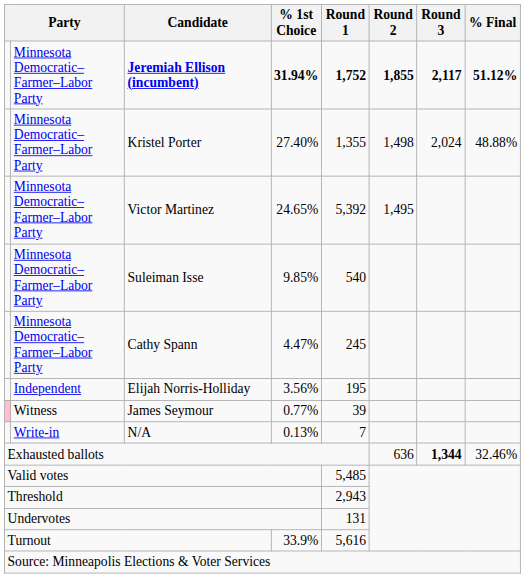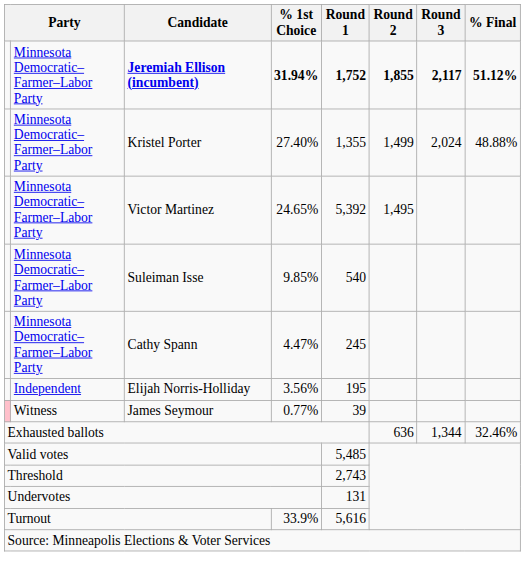 <table class="wikitable">
 <tr>
 <th colspan="2" style="width:290px">Party</th>
 <th style="width:165px">Candidate</th>
 <th>% 1st<br>Choice</th>
 <th>Round 1</th>
 <th>Round 2</th>
 <th>Round 3</th>
 <th style="width:58px;">% Final</th>
 </tr>
 <tr>
 <td style="background-color:"></td>
 <td><a href='#'>Minnesota Democratic–Farmer–Labor Party</a></td>
 <td><strong><a href='#'> Jeremiah Ellison (incumbent)</a></strong></td>
 <td align="right"><strong>31.94%</strong></td>
 <td align="right"><strong>1,752</strong></td>
 <td align="right"><strong>1,855</strong></td>
 <td align="right"><strong>2,117</strong></td>
 <td align="right"><strong>51.12%</strong></td>
 </tr>
 <tr>
 <td style="background-color:"></td>
 <td><a href='#'>Minnesota Democratic–Farmer–Labor Party</a></td>
 <td>Kristel Porter</td>
 <td align="right">27.40%</td>
 <td align="right">1,355</td>
-<td align="right">1,498</td>
+<td align="right">1,499</td>
 <td align="right">2,024</td>
 <td align="right">48.88%</td>
 </tr>
 <tr>
 <td style="background-color:"></td>
 <td><a href='#'>Minnesota Democratic–Farmer–Labor Party</a></td>
 <td>Victor Martinez</td>
 <td align="right">24.65%</td>
 <td align="right">5,392</td>
 <td align="right">1,495</td>
 <td></td>
 <td></td>
 </tr>
 <tr>
 <td style="background-color:"></td>
 <td><a href='#'>Minnesota Democratic–Farmer–Labor Party</a></td>
 <td>Suleiman Isse</td>
 <td align="right">9.85%</td>
 <td align="right">540</td>
 <td></td>
 <td></td>
 <td></td>
 </tr>
 <tr>
 <td style="background-color:"></td>
 <td><a href='#'>Minnesota Democratic–Farmer–Labor Party</a></td>
 <td>Cathy Spann</td>
 <td align="right">4.47%</td>
 <td align="right">245</td>
 <td></td>
 <td></td>
 <td></td>
 </tr>
 <tr>
 <td style="background-color:"></td>
 <td><a href='#'>Independent</a></td>
 <td>Elijah Norris-Holliday</td>
 <td align="right">3.56%</td>
 <td align="right">195</td>
 <td></td>
 <td></td>
 <td></td>
 </tr>
 <tr>
 <td style="background-color:pink"></td>
 <td>Witness</td>
 <td>James Seymour</td>
 <td align="right">0.77%</td>
 <td align="right">39</td>
 <td></td>
 <td></td>
 <td></td>
 </tr>
 <tr>
-<td style="background-color:"></td>
-<td><a href='#'>Write-in</a></td>
-<td>N/A</td>
-<td align="right">0.13%</td>
-<td align="right">7</td>
-<td></td>
-<td></td>
-<td></td>
-</tr>
-<tr>
 <td colspan="5">Exhausted ballots</td>
 <td align="right">636</td>
-<td align="right"><strong>1,344</strong></td>
+<td align="right">1,344</td>
 <td align="right">32.46%</td>
 </tr>
 <tr>
 <td colspan="4">Valid votes</td>
 <td align="right">5,485</td>
 <td colspan="3" rowspan="4"></td>
 </tr>
 <tr>
 <td colspan="4">Threshold</td>
-<td align="right">2,943</td>
+<td align="right">2,743</td>
 </tr>
 <tr>
 <td colspan="4">Undervotes</td>
 <td align="right">131</td>
 </tr>
 <tr>
 <td colspan="3">Turnout</td>
 <td align="right">33.9%</td>
 <td align="right">5,616</td>
 </tr>
 <tr>
 <td colspan="8">Source: Minneapolis Elections & Voter Services</td>
 </tr>
 </table>
